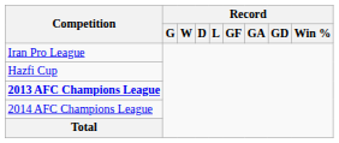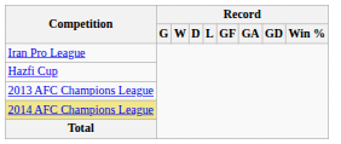 <table class="wikitable" style="text-align: center">
 <tr>
 <th rowspan=2>Competition</th>
 <th colspan=9>Record</th>
 </tr>
 <tr>
 <th>G</th>
 <th>W</th>
 <th>D</th>
 <th>L</th>
 <th>GF</th>
 <th>GA</th>
 <th>GD</th>
 <th>Win %</th>
 </tr>
 <tr>
 <td style="text-align: left"><a href='#'>Iran Pro League</a><br></td>
 </tr>
 <tr>
 <td style="text-align: left"><a href='#'>Hazfi Cup</a><br></td>
 </tr>
 <tr>
-<td style="text-align: left"><strong><a href='#'>2013 AFC Champions League</a><br></strong></td>
+<td style="text-align: left"><a href='#'>2013 AFC Champions League</a><br></td>
 </tr>
 <tr>
-<td style="text-align: left"><a href='#'>2014 AFC Champions League</a><br></td>
+<td style="background: khaki; text-align: left"><a href='#'>2014 AFC Champions League</a><br></td>
 </tr>
 <tr>
 <th>Total<br></th>
 </tr>
 </table>
